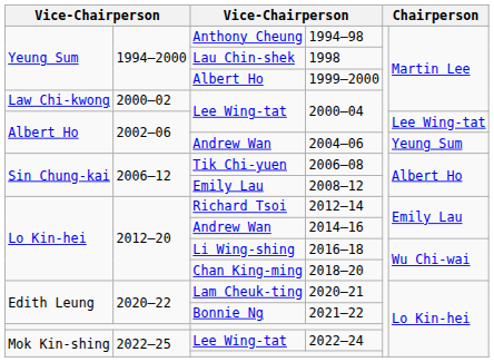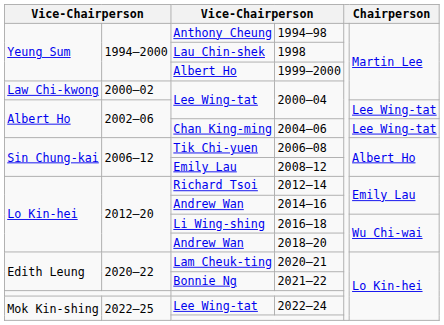 <table class="wikitable">
 <tr>
 <th colspan="2">Vice-Chairperson</th>
 <th colspan="2">Vice-Chairperson</th>
 <th colspan="2">Chairperson</th>
 </tr>
 <tr>
 <td rowspan="3"><a href='#'>Yeung Sum</a></td>
 <td rowspan="3">1994–2000</td>
 <td><a href='#'>Anthony Cheung</a></td>
 <td>1994–98</td>
 <td rowspan="17" style="background-color:"></td>
 <td rowspan="4"><a href='#'>Martin Lee</a></td>
 </tr>
 <tr>
 <td><a href='#'>Lau Chin-shek</a></td>
 <td>1998</td>
 </tr>
 <tr>
 <td><a href='#'>Albert Ho</a></td>
 <td>1999–2000</td>
 </tr>
 <tr>
 <td><a href='#'>Law Chi-kwong</a></td>
 <td>2000–02</td>
 <td rowspan="2"><a href='#'>Lee Wing-tat</a></td>
 <td rowspan="2">2000–04</td>
 </tr>
 <tr>
 <td rowspan="2"><a href='#'>Albert Ho</a></td>
 <td rowspan="2">2002–06</td>
 <td><a href='#'>Lee Wing-tat</a></td>
 </tr>
 <tr>
-<td><a href='#'>Andrew Wan</a></td>
+<td><a href='#'>Chan King-ming</a></td>
 <td>2004–06</td>
-<td><a href='#'>Yeung Sum</a></td>
+<td><a href='#'>Lee Wing-tat</a></td>
 </tr>
 <tr>
 <td rowspan="2"><a href='#'>Sin Chung-kai</a></td>
 <td rowspan="2">2006–12</td>
 <td><a href='#'>Tik Chi-yuen</a></td>
 <td>2006–08</td>
 <td rowspan="2"><a href='#'>Albert Ho</a></td>
 </tr>
 <tr>
 <td><a href='#'>Emily Lau</a></td>
 <td>2008–12</td>
 </tr>
 <tr>
 <td rowspan="4"><a href='#'>Lo Kin-hei</a></td>
 <td rowspan="4">2012–20</td>
 <td><a href='#'>Richard Tsoi</a></td>
 <td>2012–14</td>
 <td rowspan="2"><a href='#'>Emily Lau</a></td>
 </tr>
 <tr>
 <td><a href='#'>Andrew Wan</a></td>
 <td>2014–16</td>
 </tr>
 <tr>
 <td><a href='#'>Li Wing-shing</a></td>
 <td>2016–18</td>
 <td rowspan="2"><a href='#'>Wu Chi-wai</a></td>
 </tr>
 <tr>
-<td><a href='#'>Chan King-ming</a></td>
+<td><a href='#'>Andrew Wan</a></td>
 <td>2018–20</td>
 </tr>
 <tr>
 <td rowspan="2">Edith Leung</td>
 <td rowspan="2">2020–22</td>
 <td><a href='#'>Lam Cheuk-ting</a></td>
 <td>2020–21</td>
 <td rowspan="5"><a href='#'>Lo Kin-hei</a></td>
 </tr>
 <tr>
 <td><a href='#'>Bonnie Ng</a></td>
 <td>2021–22</td>
 </tr>
 <tr>
 <td colspan="2"></td>
 <td colspan="2"></td>
 </tr>
 <tr>
 <td rowspan="2">Mok Kin-shing</td>
 <td rowspan="2">2022–25</td>
 <td><a href='#'>Lee Wing-tat</a></td>
 <td>2022–24</td>
 </tr>
 <tr>
 <td colspan="2"></td>
 </tr>
 </table>
